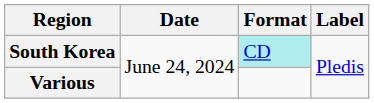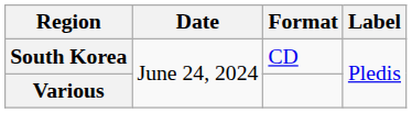 <table class="wikitable plainrowheaders">
 <tr>
 <th scope="col">Region</th>
 <th scope="col">Date</th>
 <th scope="col">Format</th>
 <th scope="col">Label</th>
 </tr>
 <tr>
 <th scope="row">South Korea</th>
 <td rowspan="2">June 24, 2024</td>
-<td style="background: paleturquoise;"><a href='#'>CD</a></td>
+<td><a href='#'>CD</a></td>
 <td rowspan="2"><a href='#'>Pledis</a></td>
 </tr>
 <tr>
 <th scope="row">Various</th>
 <td></td>
 </tr>
 </table>
